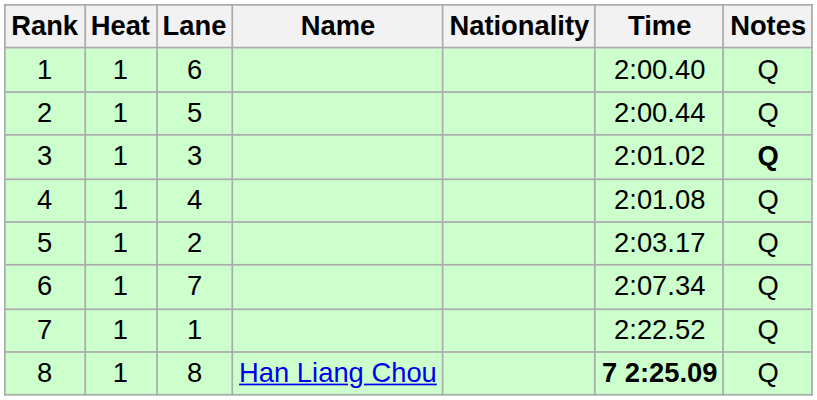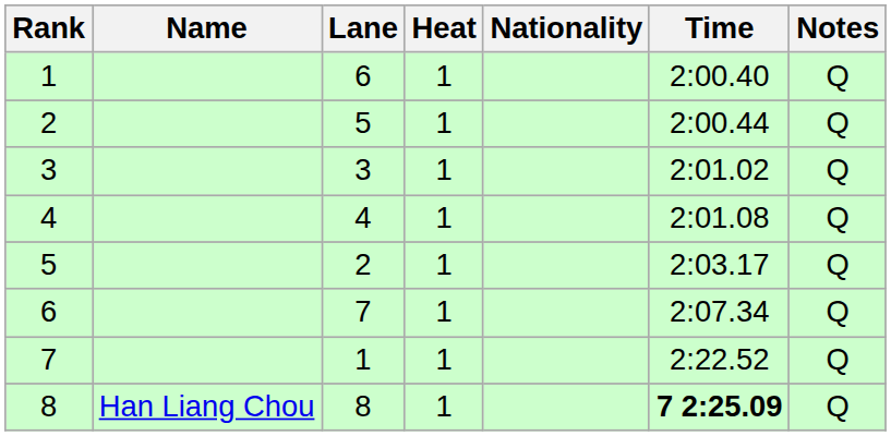 <table class="wikitable sortable" style="text-align:center">
 <tr>
 <th>Rank</th>
+<th>Name</th>
+<th>Lane</th>
 <th>Heat</th>
-<th>Lane</th>
-<th>Name</th>
 <th>Nationality</th>
 <th>Time</th>
 <th>Notes</th>
 </tr>
 <tr bgcolor=ccffcc>
 <td>1</td>
+<td align="left"></td>
+<td>6</td>
 <td>1</td>
-<td>6</td>
-<td align="left"></td>
 <td align="left"></td>
 <td>2:00.40</td>
 <td>Q</td>
 </tr>
 <tr bgcolor=ccffcc>
 <td>2</td>
+<td align="left"></td>
+<td>5</td>
 <td>1</td>
-<td>5</td>
-<td align="left"></td>
 <td align="left"></td>
 <td>2:00.44</td>
 <td>Q</td>
 </tr>
 <tr bgcolor=ccffcc>
 <td>3</td>
+<td align=left></td>
+<td>3</td>
 <td>1</td>
-<td>3</td>
-<td align=left></td>
 <td align=left></td>
 <td>2:01.02</td>
-<td><strong>Q</strong></td>
+<td>Q</td>
 </tr>
 <tr bgcolor=ccffcc>
 <td>4</td>
+<td align=left></td>
+<td>4</td>
 <td>1</td>
-<td>4</td>
-<td align=left></td>
 <td align=left></td>
 <td>2:01.08</td>
 <td>Q</td>
 </tr>
 <tr bgcolor=ccffcc>
 <td>5</td>
+<td align="left"></td>
+<td>2</td>
 <td>1</td>
-<td>2</td>
-<td align="left"></td>
 <td align="left"></td>
 <td>2:03.17</td>
 <td>Q</td>
 </tr>
 <tr bgcolor=ccffcc>
 <td>6</td>
+<td align="left"></td>
+<td>7</td>
 <td>1</td>
-<td>7</td>
-<td align="left"></td>
 <td align="left"></td>
 <td>2:07.34</td>
 <td>Q</td>
 </tr>
 <tr bgcolor=ccffcc>
 <td>7</td>
+<td align="left"></td>
 <td>1</td>
 <td>1</td>
-<td align="left"></td>
 <td align="left"></td>
 <td>2:22.52</td>
 <td>Q</td>
 </tr>
 <tr bgcolor=ccffcc>
 <td>8</td>
+<td align=left><a href='#'>Han Liang Chou</a></td>
+<td>8</td>
 <td>1</td>
-<td>8</td>
-<td align=left><a href='#'>Han Liang Chou</a></td>
 <td align=left></td>
 <td><strong>7 2:25.09</strong></td>
 <td>Q</td>
 </tr>
 </table>
